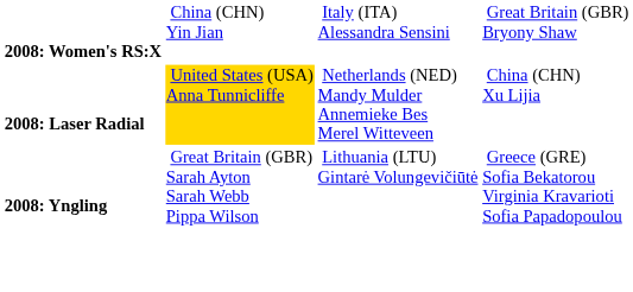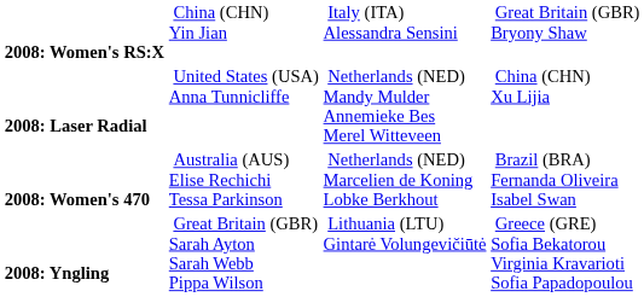 <table>
 <tr>
 <td style="align:center;"><br><br><strong>2008: Women's RS:X</strong> <br></td>
 <td style="vertical-align:top;"> <a href='#'>China</a> <span>(CHN)</span><br><a href='#'>Yin Jian</a></td>
 <td style="vertical-align:top;"> <a href='#'>Italy</a> <span>(ITA)</span><br><a href='#'>Alessandra Sensini</a></td>
 <td style="vertical-align:top;"> <a href='#'>Great Britain</a> <span>(GBR)</span><br><a href='#'>Bryony Shaw</a></td>
 </tr>
 <tr>
 <td style="align:center;"><br><br><strong>2008: Laser Radial</strong> <br></td>
-<td style="background: gold; vertical-align:top;"> <a href='#'>United States</a> <span>(USA)</span><br><a href='#'>Anna Tunnicliffe</a></td>
+<td style="vertical-align:top;"> <a href='#'>United States</a> <span>(USA)</span><br><a href='#'>Anna Tunnicliffe</a></td>
 <td style="vertical-align:top;"> <a href='#'>Netherlands</a> <span>(NED)</span><br><a href='#'>Mandy Mulder</a><br><a href='#'>Annemieke Bes</a><br><a href='#'>Merel Witteveen</a></td>
 <td style="vertical-align:top;"> <a href='#'>China</a> <span>(CHN)</span><br><a href='#'>Xu Lijia</a></td>
+</tr>
+<tr>
+<td style="align:center;"><br><br><strong>2008: Women's 470</strong> <br></td>
+<td style="vertical-align:top;"> <a href='#'>Australia</a> <span>(AUS)</span><br><a href='#'>Elise Rechichi</a><br><a href='#'>Tessa Parkinson</a></td>
+<td style="vertical-align:top;"> <a href='#'>Netherlands</a> <span>(NED)</span><br><a href='#'>Marcelien de Koning</a><br><a href='#'>Lobke Berkhout</a></td>
+<td style="vertical-align:top;"> <a href='#'>Brazil</a> <span>(BRA)</span><br><a href='#'>Fernanda Oliveira</a><br><a href='#'>Isabel Swan</a></td>
 </tr>
 <tr>
 <td style="align:center;"><br><br><strong>2008: Yngling</strong> <br></td>
 <td style="vertical-align:top;"> <a href='#'>Great Britain</a> <span>(GBR)</span><br><a href='#'>Sarah Ayton</a><br><a href='#'>Sarah Webb</a><br><a href='#'>Pippa Wilson</a></td>
 <td style="vertical-align:top;"> <a href='#'>Lithuania</a> <span>(LTU)</span><br><a href='#'>Gintarė Volungevičiūtė</a></td>
 <td style="vertical-align:top;"> <a href='#'>Greece</a> <span>(GRE)</span><br><a href='#'>Sofia Bekatorou</a><br><a href='#'>Virginia Kravarioti</a><br><a href='#'>Sofia Papadopoulou</a></td>
 </tr>
 </table>
